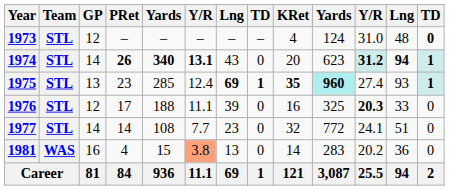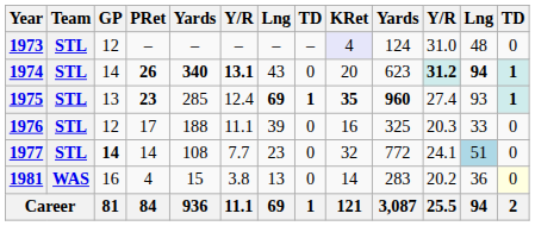 <table class="wikitable" style="text-align: center;">
 <tr>
 <th>Year</th>
 <th>Team</th>
 <th>GP</th>
 <th>PRet</th>
 <th>Yards</th>
 <th>Y/R</th>
 <th>Lng</th>
 <th>TD</th>
 <th>KRet</th>
 <th>Yards</th>
 <th>Y/R</th>
 <th>Lng</th>
 <th>TD</th>
 </tr>
 <tr>
 <th><a href='#'>1973</a></th>
 <th><a href='#'>STL</a></th>
 <td>12</td>
 <td>–</td>
 <td>–</td>
 <td>–</td>
 <td>–</td>
 <td>–</td>
-<td>4</td>
+<td style="background: lavender;">4</td>
 <td>124</td>
 <td>31.0</td>
 <td>48</td>
-<td><strong>0</strong></td>
+<td>0</td>
 </tr>
 <tr>
 <th><a href='#'>1974</a></th>
 <th><a href='#'>STL</a></th>
 <td>14</td>
 <td><strong>26</strong></td>
 <td><strong>340</strong></td>
 <td><strong>13.1</strong></td>
 <td>43</td>
 <td>0</td>
 <td>20</td>
 <td>623</td>
 <td style="background:#cfecec;"><strong>31.2</strong></td>
 <td><strong>94</strong></td>
 <td style="background:#cfecec;"><strong>1</strong></td>
 </tr>
 <tr>
 <th><a href='#'>1975</a></th>
 <th><a href='#'>STL</a></th>
 <td>13</td>
-<td>23</td>
+<td><strong>23</strong></td>
 <td>285</td>
 <td>12.4</td>
 <td><strong>69</strong></td>
 <td><strong>1</strong></td>
 <td><strong>35</strong></td>
-<td style="background: paleturquoise;"><strong>960</strong></td>
+<td><strong>960</strong></td>
 <td>27.4</td>
 <td>93</td>
 <td style="background:#cfecec;"><strong>1</strong></td>
 </tr>
 <tr>
 <th><a href='#'>1976</a></th>
 <th><a href='#'>STL</a></th>
 <td>12</td>
 <td>17</td>
 <td>188</td>
 <td>11.1</td>
 <td>39</td>
 <td>0</td>
 <td>16</td>
 <td>325</td>
-<td><strong>20.3</strong></td>
+<td>20.3</td>
 <td>33</td>
 <td>0</td>
 </tr>
 <tr>
 <th><a href='#'>1977</a></th>
 <th><a href='#'>STL</a></th>
-<td>14</td>
+<td><strong>14</strong></td>
 <td>14</td>
 <td>108</td>
 <td>7.7</td>
 <td>23</td>
 <td>0</td>
 <td>32</td>
 <td>772</td>
 <td>24.1</td>
-<td>51</td>
+<td style="background: lightblue;">51</td>
 <td>0</td>
 </tr>
 <tr>
 <th><a href='#'>1981</a></th>
 <th><a href='#'>WAS</a></th>
 <td>16</td>
 <td>4</td>
 <td>15</td>
-<td style="background: lightsalmon;">3.8</td>
+<td>3.8</td>
 <td>13</td>
 <td>0</td>
 <td>14</td>
 <td>283</td>
 <td>20.2</td>
 <td>36</td>
-<td>0</td>
+<td style="background: lightyellow;">0</td>
 </tr>
 <tr>
 <th colspan="2">Career</th>
 <th>81</th>
 <th>84</th>
 <th>936</th>
 <th>11.1</th>
 <th>69</th>
 <th>1</th>
 <th>121</th>
 <th>3,087</th>
 <th>25.5</th>
 <th>94</th>
 <th>2</th>
 </tr>
 </table>
